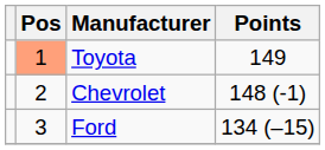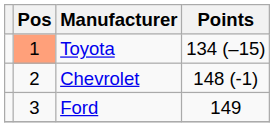 <table class="wikitable" style="font-size: 95%;">
 <tr>
 <th></th>
 <th>Pos</th>
 <th>Manufacturer</th>
 <th>Points</th>
 </tr>
 <tr>
 <td align="left"></td>
 <td style="background: lightsalmon; text-align:center;">1</td>
 <td><a href='#'>Toyota</a></td>
-<td style="text-align:center;">149</td>
+<td style="text-align:center;">134 (–15)</td>
 </tr>
 <tr>
 <td align="left"></td>
 <td style="text-align:center;">2</td>
 <td><a href='#'>Chevrolet</a></td>
 <td style="text-align:center;">148 (-1)</td>
 </tr>
 <tr>
 <td align="left"></td>
 <td style="text-align:center;">3</td>
 <td><a href='#'>Ford</a></td>
-<td style="text-align:center;">134 (–15)</td>
+<td style="text-align:center;">149</td>
 </tr>
 <tr class="sortbottom">
 </tr>
 </table>
